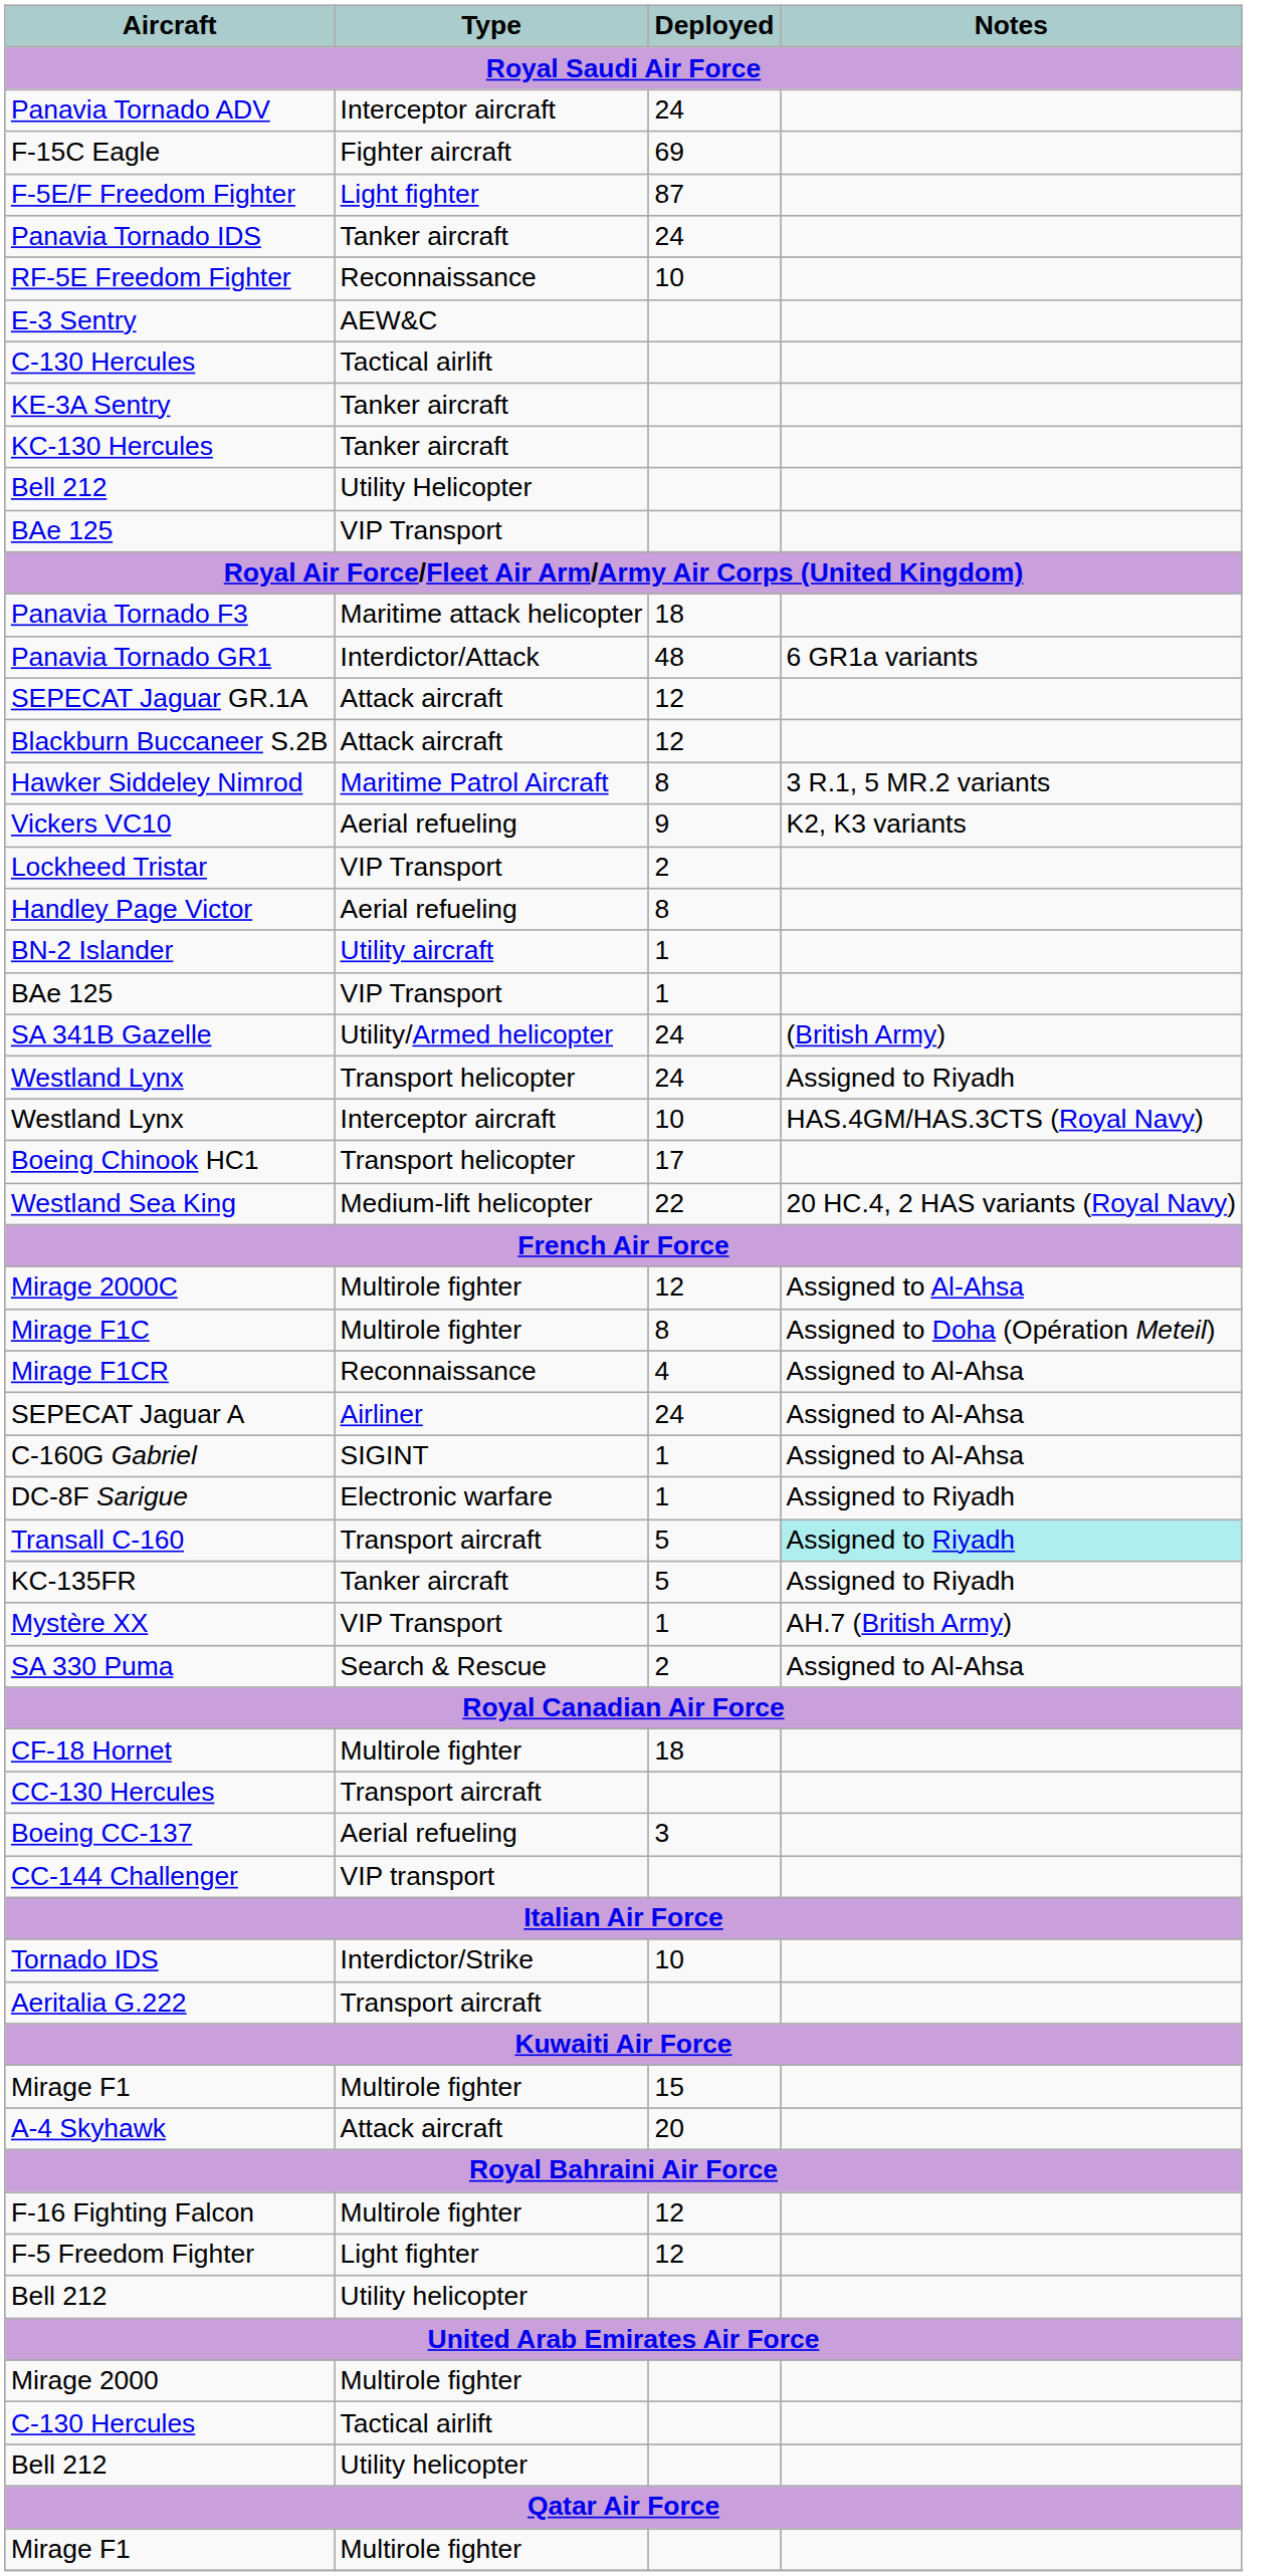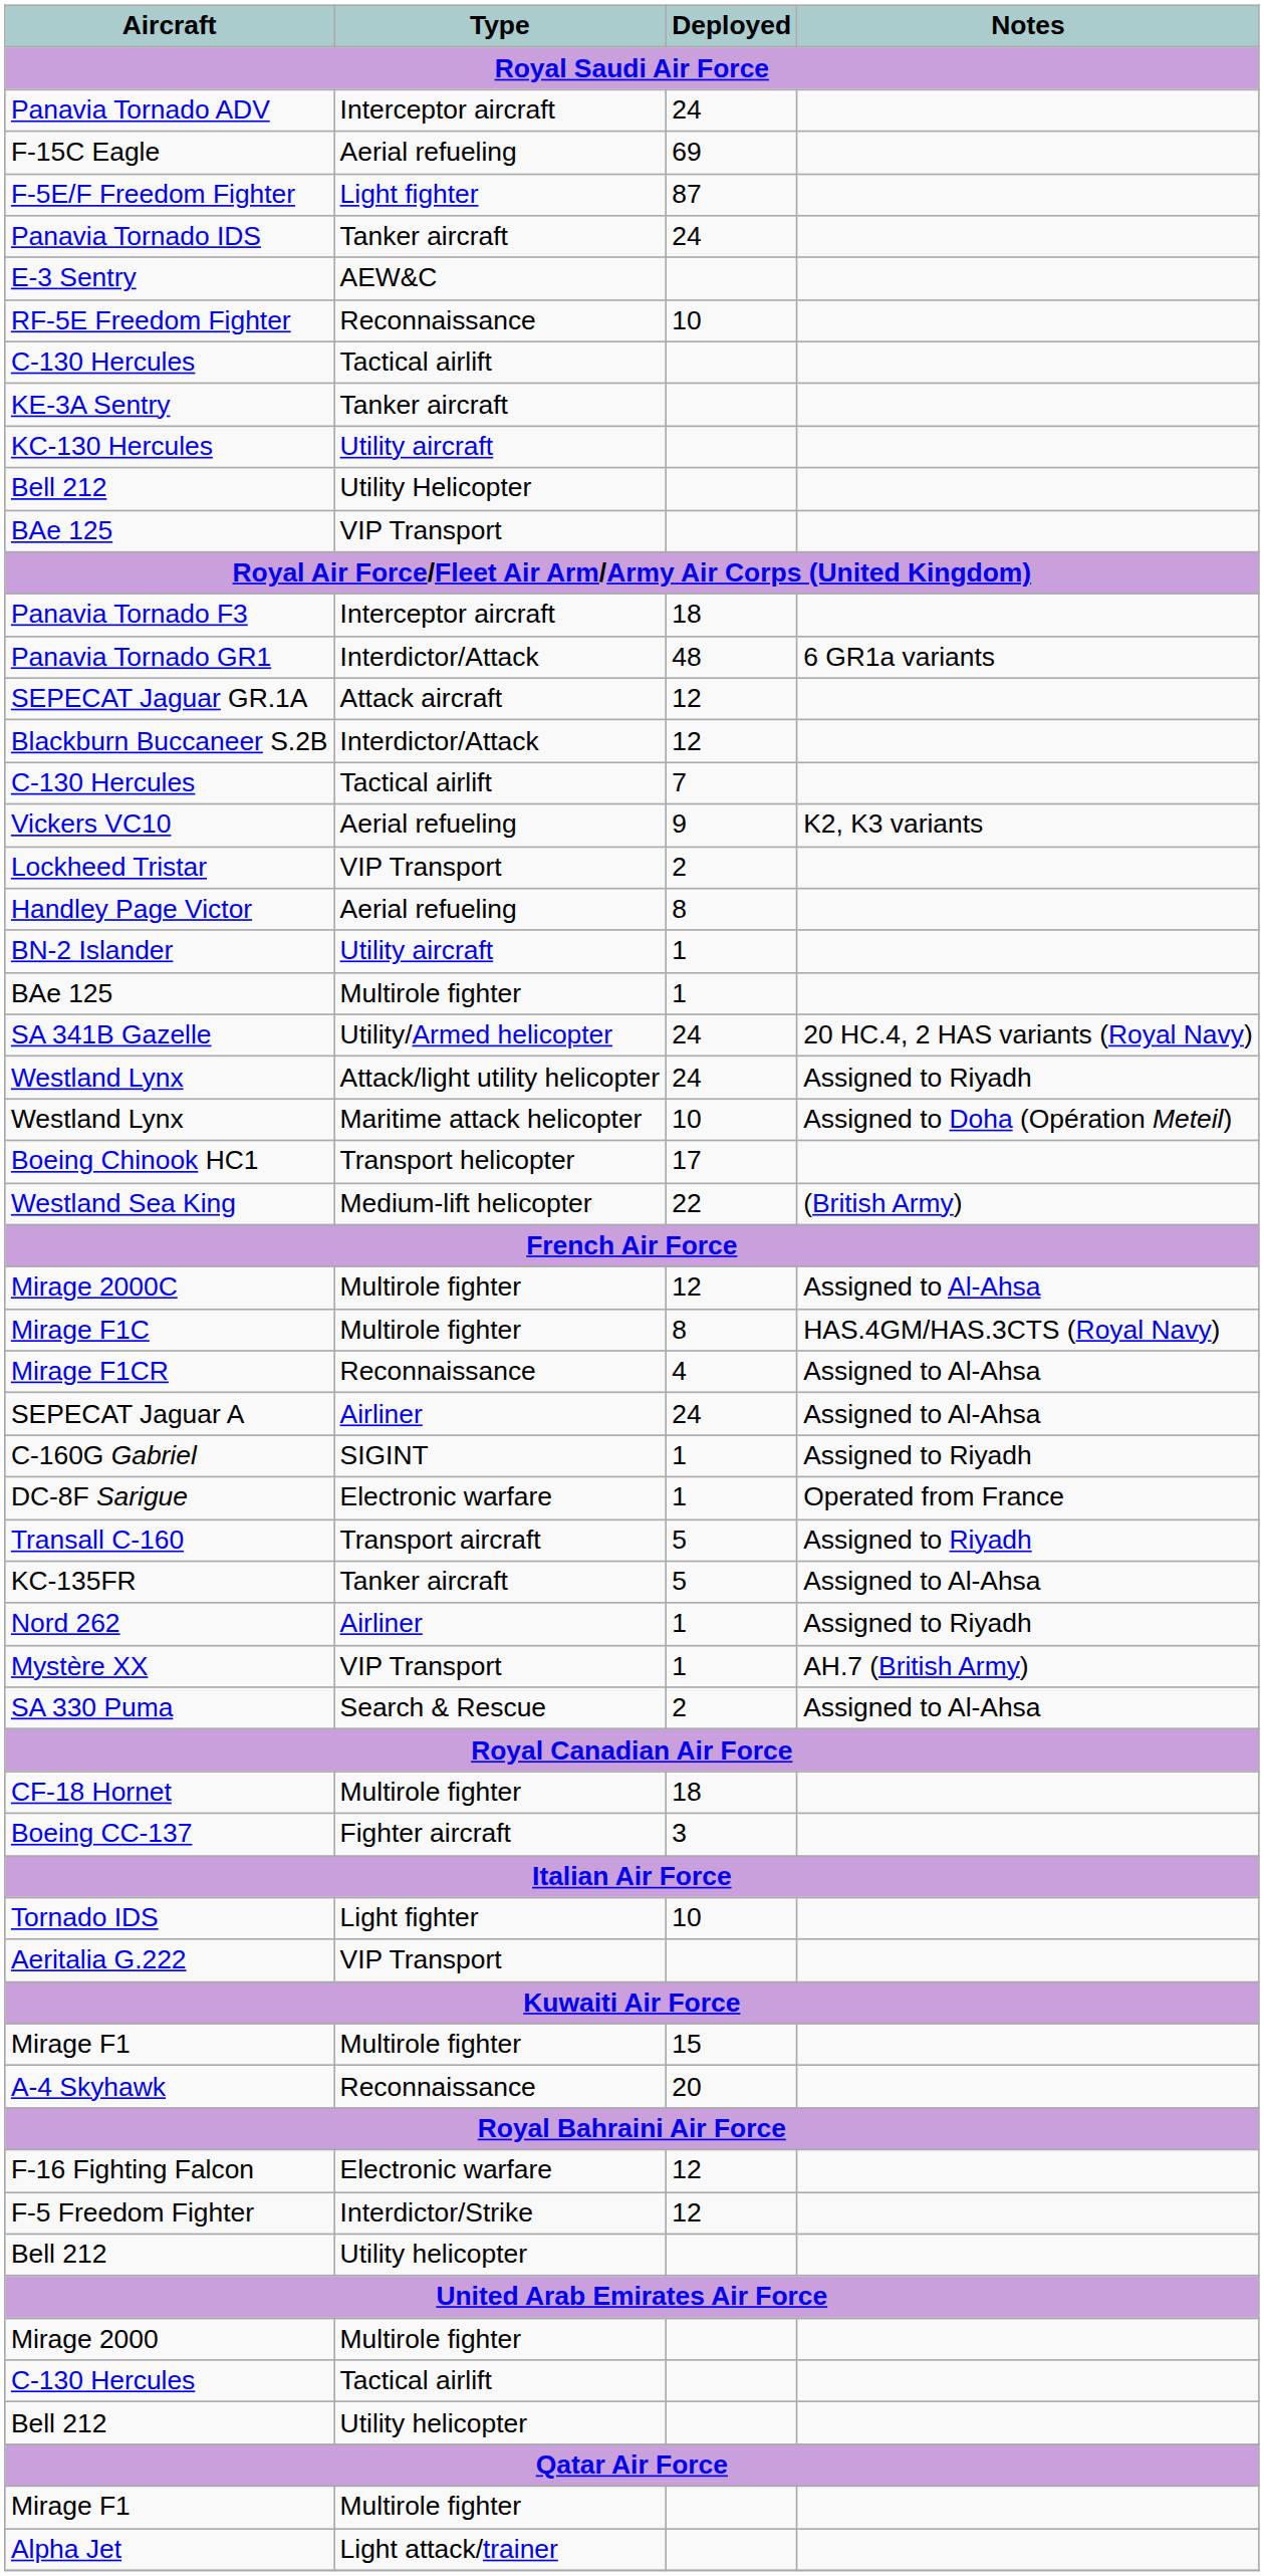 <table class="wikitable" style="display: inline-table;">
 <tr>
 <th style="text-align:center; background:#acc;">Aircraft</th>
 <th style="text-align:l center; background:#acc;">Type</th>
 <th style="text-align:l center; background:#acc;">Deployed</th>
 <th style="text-align:l center; background:#acc;">Notes</th>
 </tr>
 <tr>
 <th colspan="4" style="align: center; background: #C9A0DC"><a href='#'>Royal Saudi Air Force</a></th>
 </tr>
 <tr>
 <td><a href='#'>Panavia Tornado ADV</a></td>
 <td>Interceptor aircraft</td>
 <td>24</td>
 <td></td>
 </tr>
 <tr>
 <td>F-15C Eagle</td>
-<td>Fighter aircraft</td>
+<td>Aerial refueling</td>
 <td>69</td>
 <td></td>
 </tr>
 <tr>
 <td><a href='#'>F-5E/F Freedom Fighter</a></td>
 <td><a href='#'>Light fighter</a></td>
 <td>87</td>
 <td></td>
 </tr>
 <tr>
 <td><a href='#'>Panavia Tornado IDS</a></td>
 <td>Tanker aircraft</td>
 <td>24</td>
 <td></td>
 </tr>
 <tr>
+<td><a href='#'>E-3 Sentry</a></td>
+<td>AEW&C</td>
+<td></td>
+<td></td>
+</tr>
+<tr>
 <td><a href='#'>RF-5E Freedom Fighter</a></td>
 <td>Reconnaissance</td>
 <td>10</td>
-<td></td>
-</tr>
-<tr>
-<td><a href='#'>E-3 Sentry</a></td>
-<td>AEW&C</td>
-<td></td>
 <td></td>
 </tr>
 <tr>
 <td><a href='#'>C-130 Hercules</a></td>
 <td>Tactical airlift</td>
 <td></td>
 <td></td>
 </tr>
 <tr>
 <td><a href='#'>KE-3A Sentry</a></td>
 <td>Tanker aircraft</td>
 <td></td>
 <td></td>
 </tr>
 <tr>
 <td><a href='#'>KC-130 Hercules</a></td>
-<td>Tanker aircraft</td>
+<td><a href='#'>Utility aircraft</a></td>
 <td></td>
 <td></td>
 </tr>
 <tr>
 <td><a href='#'>Bell 212</a></td>
 <td>Utility Helicopter</td>
 <td></td>
 <td></td>
 </tr>
 <tr>
 <td><a href='#'>BAe 125</a></td>
 <td>VIP Transport</td>
 <td></td>
 <td></td>
 </tr>
 <tr>
 <th colspan="4" style="align: center; background: #C9A0DC"><a href='#'>Royal Air Force</a>/<a href='#'>Fleet Air Arm</a>/<a href='#'>Army Air Corps (United Kingdom)</a></th>
 </tr>
 <tr>
 <td><a href='#'>Panavia Tornado F3</a></td>
-<td>Maritime attack helicopter</td>
+<td>Interceptor aircraft</td>
 <td>18</td>
 <td></td>
 </tr>
 <tr>
 <td><a href='#'>Panavia Tornado GR1</a></td>
 <td>Interdictor/Attack</td>
 <td>48</td>
 <td>6 GR1a variants</td>
 </tr>
 <tr>
 <td><a href='#'>SEPECAT Jaguar</a> GR.1A</td>
 <td>Attack aircraft</td>
 <td>12</td>
 <td></td>
 </tr>
 <tr>
 <td><a href='#'>Blackburn Buccaneer</a> S.2B</td>
-<td>Attack aircraft</td>
+<td>Interdictor/Attack</td>
 <td>12</td>
 <td></td>
 </tr>
 <tr>
-<td><a href='#'>Hawker Siddeley Nimrod</a></td>
-<td><a href='#'>Maritime Patrol Aircraft</a></td>
-<td>8</td>
-<td>3 R.1, 5 MR.2 variants</td>
+<td><a href='#'>C-130 Hercules</a></td>
+<td>Tactical airlift</td>
+<td>7</td>
+<td></td>
 </tr>
 <tr>
 <td><a href='#'>Vickers VC10</a></td>
 <td>Aerial refueling</td>
 <td>9</td>
 <td>K2, K3 variants</td>
 </tr>
 <tr>
 <td><a href='#'>Lockheed Tristar</a></td>
 <td>VIP Transport</td>
 <td>2</td>
 <td></td>
 </tr>
 <tr>
 <td><a href='#'>Handley Page Victor</a></td>
 <td>Aerial refueling</td>
 <td>8</td>
 <td></td>
 </tr>
 <tr>
 <td><a href='#'>BN-2 Islander</a></td>
 <td><a href='#'>Utility aircraft</a></td>
 <td>1</td>
 <td></td>
 </tr>
 <tr>
 <td>BAe 125</td>
-<td>VIP Transport</td>
+<td>Multirole fighter</td>
 <td>1</td>
 <td></td>
 </tr>
 <tr>
 <td><a href='#'>SA 341B Gazelle</a></td>
 <td>Utility/<a href='#'>Armed helicopter</a></td>
 <td>24</td>
-<td>(<a href='#'>British Army</a>)</td>
+<td>20 HC.4, 2 HAS variants (<a href='#'>Royal Navy</a>)</td>
 </tr>
 <tr>
 <td><a href='#'>Westland Lynx</a></td>
-<td>Transport helicopter</td>
+<td>Attack/light utility helicopter</td>
 <td>24</td>
 <td>Assigned to Riyadh</td>
 </tr>
 <tr>
 <td>Westland Lynx</td>
-<td>Interceptor aircraft</td>
+<td>Maritime attack helicopter</td>
 <td>10</td>
-<td>HAS.4GM/HAS.3CTS (<a href='#'>Royal Navy</a>)</td>
+<td>Assigned to <a href='#'>Doha</a> (Opération <em>Meteil</em>)</td>
 </tr>
 <tr>
 <td><a href='#'>Boeing Chinook</a> HC1</td>
 <td>Transport helicopter</td>
 <td>17</td>
 <td></td>
 </tr>
 <tr>
 <td><a href='#'>Westland Sea King</a></td>
 <td>Medium-lift helicopter</td>
 <td>22</td>
-<td>20 HC.4, 2 HAS variants (<a href='#'>Royal Navy</a>)</td>
+<td>(<a href='#'>British Army</a>)</td>
 </tr>
 <tr>
 <th colspan="4" style="align: center; background: #C9A0DC"><a href='#'>French Air Force</a></th>
 </tr>
 <tr>
 <td><a href='#'>Mirage 2000C</a></td>
 <td>Multirole fighter</td>
 <td>12</td>
 <td>Assigned to <a href='#'>Al-Ahsa</a></td>
 </tr>
 <tr>
 <td><a href='#'>Mirage F1C</a></td>
 <td>Multirole fighter</td>
 <td>8</td>
-<td>Assigned to <a href='#'>Doha</a> (Opération <em>Meteil</em>)</td>
+<td>HAS.4GM/HAS.3CTS (<a href='#'>Royal Navy</a>)</td>
 </tr>
 <tr>
 <td><a href='#'>Mirage F1CR</a></td>
 <td>Reconnaissance</td>
 <td>4</td>
 <td>Assigned to Al-Ahsa</td>
 </tr>
 <tr>
 <td>SEPECAT Jaguar A</td>
 <td><a href='#'>Airliner</a></td>
 <td>24</td>
 <td>Assigned to Al-Ahsa</td>
 </tr>
 <tr>
 <td>C-160G <em>Gabriel</em></td>
 <td>SIGINT</td>
 <td>1</td>
-<td>Assigned to Al-Ahsa</td>
+<td>Assigned to Riyadh</td>
 </tr>
 <tr>
 <td>DC-8F <em>Sarigue</em></td>
 <td>Electronic warfare</td>
 <td>1</td>
-<td>Assigned to Riyadh</td>
+<td>Operated from France</td>
 </tr>
 <tr>
 <td><a href='#'>Transall C-160</a></td>
 <td>Transport aircraft</td>
 <td>5</td>
-<td style="background: paleturquoise;">Assigned to <a href='#'>Riyadh</a></td>
+<td>Assigned to <a href='#'>Riyadh</a></td>
 </tr>
 <tr>
 <td>KC-135FR</td>
 <td>Tanker aircraft</td>
 <td>5</td>
+<td>Assigned to Al-Ahsa</td>
+</tr>
+<tr>
+<td><a href='#'>Nord 262</a></td>
+<td><a href='#'>Airliner</a></td>
+<td>1</td>
 <td>Assigned to Riyadh</td>
 </tr>
 <tr>
 <td><a href='#'>Mystère XX</a></td>
 <td>VIP Transport</td>
 <td>1</td>
 <td>AH.7 (<a href='#'>British Army</a>)</td>
 </tr>
 <tr>
 <td><a href='#'>SA 330 Puma</a></td>
 <td>Search & Rescue</td>
 <td>2</td>
 <td>Assigned to Al-Ahsa</td>
 </tr>
 <tr>
 <th colspan="4" style="align: center; background: #C9A0DC"><a href='#'>Royal Canadian Air Force</a></th>
 </tr>
 <tr>
 <td><a href='#'>CF-18 Hornet</a></td>
 <td>Multirole fighter</td>
 <td>18</td>
 <td></td>
 </tr>
 <tr>
-<td><a href='#'>CC-130 Hercules</a></td>
-<td>Transport aircraft</td>
-<td></td>
-<td></td>
-</tr>
-<tr>
 <td><a href='#'>Boeing CC-137</a></td>
-<td>Aerial refueling</td>
+<td>Fighter aircraft</td>
 <td>3</td>
-<td></td>
-</tr>
-<tr>
-<td><a href='#'>CC-144 Challenger</a></td>
-<td>VIP transport</td>
-<td></td>
 <td></td>
 </tr>
 <tr>
 <th colspan="4" style="align: center; background: #C9A0DC"><a href='#'>Italian Air Force</a></th>
 </tr>
 <tr>
 <td><a href='#'>Tornado IDS</a></td>
-<td>Interdictor/Strike</td>
+<td>Light fighter</td>
 <td>10</td>
 <td></td>
 </tr>
 <tr>
 <td><a href='#'>Aeritalia G.222</a></td>
-<td>Transport aircraft</td>
+<td>VIP Transport</td>
 <td></td>
 <td></td>
 </tr>
 <tr>
 <th colspan="4" style="align: center; background: #C9A0DC"><a href='#'>Kuwaiti Air Force</a></th>
 </tr>
 <tr>
 <td>Mirage F1</td>
 <td>Multirole fighter</td>
 <td>15</td>
 <td></td>
 </tr>
 <tr>
 <td><a href='#'>A-4 Skyhawk</a></td>
-<td>Attack aircraft</td>
+<td>Reconnaissance</td>
 <td>20</td>
 <td></td>
 </tr>
 <tr>
 <th colspan="4" style="align: center; background: #C9A0DC"><a href='#'>Royal Bahraini Air Force</a></th>
 </tr>
 <tr>
 <td>F-16 Fighting Falcon</td>
-<td>Multirole fighter</td>
+<td>Electronic warfare</td>
 <td>12</td>
 <td></td>
 </tr>
 <tr>
 <td>F-5 Freedom Fighter</td>
-<td>Light fighter</td>
+<td>Interdictor/Strike</td>
 <td>12</td>
 <td></td>
 </tr>
 <tr>
 <td>Bell 212</td>
 <td>Utility helicopter</td>
 <td></td>
 <td></td>
 </tr>
 <tr>
 <th colspan="4" style="align: center; background: #C9A0DC"><a href='#'>United Arab Emirates Air Force</a></th>
 </tr>
 <tr>
 <td>Mirage 2000</td>
 <td>Multirole fighter</td>
 <td></td>
 <td></td>
 </tr>
 <tr>
 <td><a href='#'>C-130 Hercules</a></td>
 <td>Tactical airlift</td>
 <td></td>
 <td></td>
 </tr>
 <tr>
 <td>Bell 212</td>
 <td>Utility helicopter</td>
 <td></td>
 <td></td>
 </tr>
 <tr>
 <th colspan="4" style="align: center; background: #C9A0DC"><a href='#'>Qatar Air Force</a></th>
 </tr>
 <tr>
 <td>Mirage F1</td>
 <td>Multirole fighter</td>
 <td></td>
 <td></td>
 </tr>
 <tr>
+<td><a href='#'>Alpha Jet</a></td>
+<td>Light attack/<a href='#'>trainer</a></td>
+<td></td>
+<td></td>
+</tr>
+<tr>
 </tr>
 </table>
